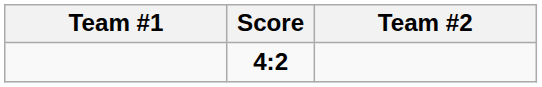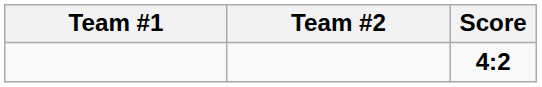 <table class="wikitable" style="text-align:center;">
 <tr>
 <th width=140>Team #1</th>
+<th width=140>Team #2</th>
 <th width=50>Score</th>
-<th width=140>Team #2</th>
 </tr>
 <tr>
 <td style="text-align:right;"><strong></strong></td>
+<td style="text-align:left;"></td>
 <td><strong>4:2</strong></td>
-<td style="text-align:left;"></td>
 </tr>
 </table>
